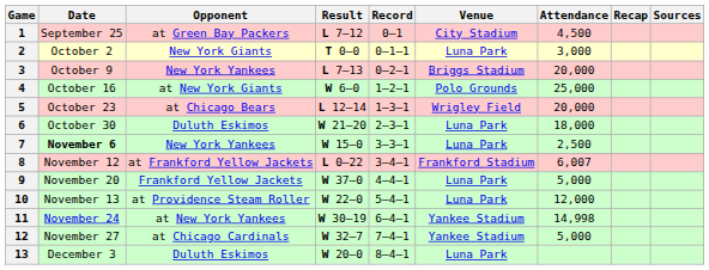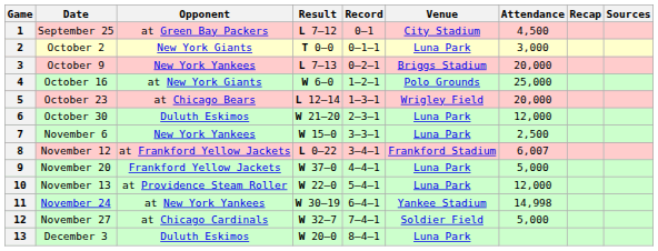 <table class="wikitable" style="text-align:center">
 <tr>
 <th>Game</th>
 <th>Date</th>
 <th>Opponent</th>
 <th>Result</th>
 <th>Record</th>
 <th>Venue</th>
 <th>Attendance</th>
 <th>Recap</th>
 <th>Sources</th>
 </tr>
 <tr style="background:#fcc">
 <th>1</th>
 <td>September 25</td>
 <td>at <a href='#'>Green Bay Packers</a></td>
 <td><strong>L</strong> 7–12</td>
 <td style="text-align: center;">0–1</td>
 <td><a href='#'>City Stadium</a></td>
 <td style="text-align: center;">4,500</td>
 <td></td>
 <td></td>
 </tr>
 <tr style="background:#ffc">
 <th>2</th>
 <td>October 2</td>
 <td><a href='#'>New York Giants</a></td>
 <td><strong>T</strong> 0–0</td>
 <td style="text-align: center;">0–1–1</td>
 <td><a href='#'>Luna Park</a></td>
 <td style="text-align: center;">3,000</td>
 <td></td>
 <td></td>
 </tr>
 <tr style="background:#fcc">
 <th>3</th>
 <td>October 9</td>
 <td><a href='#'>New York Yankees</a></td>
 <td><strong>L</strong> 7–13</td>
 <td style="text-align: center;">0–2–1</td>
 <td><a href='#'>Briggs Stadium</a></td>
 <td style="text-align: center;">20,000</td>
 <td></td>
 <td></td>
 </tr>
 <tr style="background:#cfc">
 <th>4</th>
 <td>October 16</td>
 <td>at <a href='#'>New York Giants</a></td>
 <td><strong>W</strong> 6–0</td>
 <td style="text-align: center;">1–2–1</td>
 <td><a href='#'>Polo Grounds</a></td>
 <td style="text-align: center;">25,000</td>
 <td></td>
 <td></td>
 </tr>
 <tr style="background:#fcc">
 <th>5</th>
 <td>October 23</td>
 <td>at <a href='#'>Chicago Bears</a></td>
 <td><strong>L</strong> 12–14</td>
 <td style="text-align: center;">1–3–1</td>
 <td><a href='#'>Wrigley Field</a></td>
 <td style="text-align: center;">20,000</td>
 <td></td>
 <td></td>
 </tr>
 <tr style="background:#cfc">
 <th>6</th>
 <td>October 30</td>
 <td><a href='#'>Duluth Eskimos</a></td>
 <td><strong>W</strong> 21–20</td>
 <td style="text-align: center;">2–3–1</td>
 <td><a href='#'>Luna Park</a></td>
-<td style="text-align: center;">18,000</td>
+<td style="text-align: center;">12,000</td>
 <td></td>
 <td></td>
 </tr>
 <tr style="background:#cfc">
 <th>7</th>
-<td><strong>November 6</strong></td>
+<td>November 6</td>
 <td><a href='#'>New York Yankees</a></td>
 <td><strong>W</strong> 15–0</td>
 <td style="text-align: center;">3–3–1</td>
 <td><a href='#'>Luna Park</a></td>
 <td style="text-align: center;">2,500</td>
 <td></td>
 <td></td>
 </tr>
 <tr style="background:#fcc">
 <th>8</th>
 <td>November 12</td>
 <td>at <a href='#'>Frankford Yellow Jackets</a></td>
 <td><strong>L</strong> 0–22</td>
 <td style="text-align: center;">3–4–1</td>
 <td><a href='#'>Frankford Stadium</a></td>
 <td style="text-align: center;">6,007</td>
 <td></td>
 <td></td>
 </tr>
 <tr style="background:#cfc">
 <th>9</th>
 <td>November 20</td>
 <td><a href='#'>Frankford Yellow Jackets</a></td>
 <td><strong>W</strong> 37–0</td>
 <td style="text-align: center;">4–4–1</td>
 <td><a href='#'>Luna Park</a></td>
 <td style="text-align: center;">5,000</td>
 <td></td>
 <td></td>
 </tr>
 <tr style="background:#cfc">
 <th>10</th>
 <td>November 13</td>
 <td>at <a href='#'>Providence Steam Roller</a></td>
 <td><strong>W</strong> 22–0</td>
 <td style="text-align: center;">5–4–1</td>
 <td><a href='#'>Luna Park</a></td>
 <td style="text-align: center;">12,000</td>
 <td></td>
 <td></td>
 </tr>
 <tr style="background:#cfc">
 <th>11</th>
 <td><a href='#'>November 24</a></td>
 <td>at <a href='#'>New York Yankees</a></td>
 <td><strong>W</strong> 30–19</td>
 <td style="text-align: center;">6–4–1</td>
 <td><a href='#'>Yankee Stadium</a></td>
 <td style="text-align: center;">14,998</td>
 <td></td>
 <td></td>
 </tr>
 <tr style="background:#cfc">
 <th>12</th>
 <td>November 27</td>
 <td>at <a href='#'>Chicago Cardinals</a></td>
 <td><strong>W</strong> 32–7</td>
 <td style="text-align: center;">7–4–1</td>
-<td><a href='#'>Yankee Stadium</a></td>
+<td><a href='#'>Soldier Field</a></td>
 <td style="text-align: center;">5,000</td>
 <td></td>
 <td></td>
 </tr>
 <tr style="background:#cfc">
 <th>13</th>
 <td>December 3</td>
 <td><a href='#'>Duluth Eskimos</a></td>
 <td><strong>W</strong> 20–0</td>
 <td style="text-align: center;">8–4–1</td>
 <td><a href='#'>Luna Park</a></td>
 <td style="text-align: center;"></td>
 <td></td>
 <td></td>
 </tr>
 </table>
